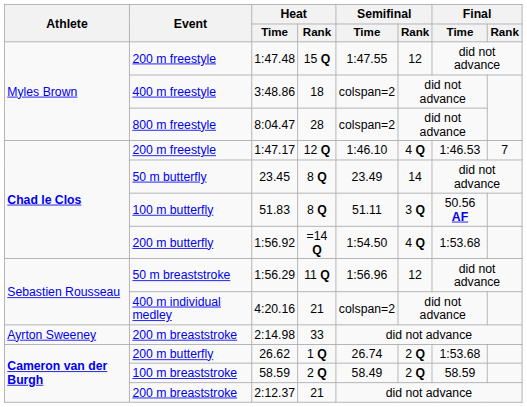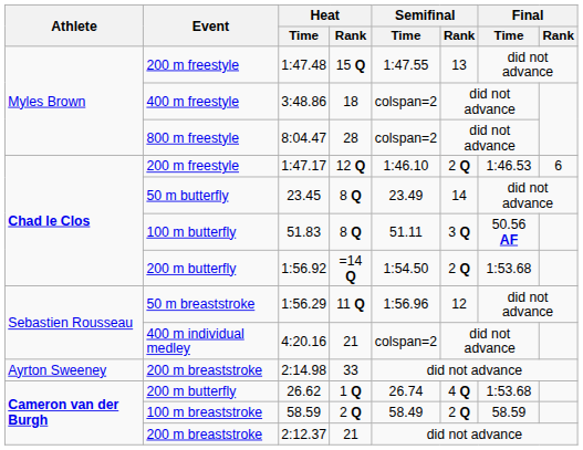 <table class=wikitable style="font-size:90%">
 <tr>
 <th rowspan="2">Athlete</th>
 <th rowspan="2">Event</th>
 <th colspan="2">Heat</th>
 <th colspan="2">Semifinal</th>
 <th colspan="2">Final</th>
 </tr>
 <tr style="font-size:95%">
 <th>Time</th>
 <th>Rank</th>
 <th>Time</th>
 <th>Rank</th>
 <th>Time</th>
 <th>Rank</th>
 </tr>
 <tr align=center>
 <td align=left rowspan=3><a href='#'>Myles Brown</a></td>
 <td align=left><a href='#'>200 m freestyle</a></td>
 <td>1:47.48</td>
 <td>15 <strong>Q</strong></td>
 <td>1:47.55</td>
-<td>12</td>
+<td>13</td>
 <td colspan=2>did not advance</td>
 </tr>
 <tr align=center>
 <td align=left><a href='#'>400 m freestyle</a></td>
 <td>3:48.86</td>
 <td>18</td>
 <td>colspan=2 </td>
 <td colspan=2>did not advance</td>
 </tr>
 <tr align=center>
 <td align=left><a href='#'>800 m freestyle</a></td>
 <td>8:04.47</td>
 <td>28</td>
 <td>colspan=2 </td>
 <td colspan=2>did not advance</td>
 </tr>
 <tr align=center>
 <td align=left rowspan=4><strong><a href='#'>Chad le Clos</a></strong></td>
 <td align=left><a href='#'>200 m freestyle</a></td>
 <td>1:47.17</td>
 <td>12 <strong>Q</strong></td>
 <td>1:46.10</td>
-<td>4 <strong>Q</strong></td>
+<td>2 <strong>Q</strong></td>
 <td>1:46.53</td>
-<td>7</td>
+<td>6</td>
 </tr>
 <tr align=center>
 <td align=left><a href='#'>50 m butterfly</a></td>
 <td>23.45</td>
 <td>8 <strong>Q</strong></td>
 <td>23.49</td>
 <td>14</td>
 <td colspan=2>did not advance</td>
 </tr>
 <tr align=center>
 <td align=left><a href='#'>100 m butterfly</a></td>
 <td>51.83</td>
 <td>8 <strong>Q</strong></td>
 <td>51.11</td>
 <td>3 <strong>Q</strong></td>
 <td>50.56 <strong><a href='#'>AF</a></strong></td>
 <td></td>
 </tr>
 <tr align=center>
 <td align=left><a href='#'>200 m butterfly</a></td>
 <td>1:56.92</td>
 <td>=14 <strong>Q</strong></td>
 <td>1:54.50</td>
-<td>4 <strong>Q</strong></td>
+<td>2 <strong>Q</strong></td>
 <td>1:53.68</td>
 <td></td>
 </tr>
 <tr align=center>
 <td align=left rowspan=2><a href='#'>Sebastien Rousseau</a></td>
 <td align=left><a href='#'>50 m breaststroke</a></td>
 <td>1:56.29</td>
 <td>11 <strong>Q</strong></td>
 <td>1:56.96</td>
 <td>12</td>
 <td colspan=2>did not advance</td>
 </tr>
 <tr align=center>
 <td align=left><a href='#'>400 m individual medley</a></td>
 <td>4:20.16</td>
 <td>21</td>
 <td>colspan=2 </td>
 <td colspan=2>did not advance</td>
 </tr>
 <tr align=center>
 <td align=left><a href='#'>Ayrton Sweeney</a></td>
 <td align=left><a href='#'>200 m breaststroke</a></td>
 <td>2:14.98</td>
 <td>33</td>
 <td colspan=4>did not advance</td>
 </tr>
 <tr align=center>
 <td align=left rowspan=3><strong><a href='#'>Cameron van der Burgh</a></strong></td>
 <td align=left><a href='#'>200 m butterfly</a></td>
 <td>26.62 </td>
 <td>1 <strong>Q</strong></td>
 <td>26.74</td>
-<td>2 <strong>Q</strong></td>
+<td>4 <strong>Q</strong></td>
 <td>1:53.68</td>
 <td></td>
 </tr>
 <tr align=center>
 <td align=left><a href='#'>100 m breaststroke</a></td>
 <td>58.59</td>
 <td>2 <strong>Q</strong></td>
 <td>58.49</td>
 <td>2 <strong>Q</strong></td>
 <td>58.59</td>
 <td></td>
 </tr>
 <tr align=center>
 <td align=left><a href='#'>200 m breaststroke</a></td>
 <td>2:12.37</td>
 <td>21</td>
 <td colspan=4>did not advance</td>
 </tr>
 </table>
